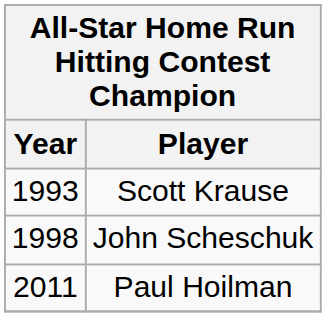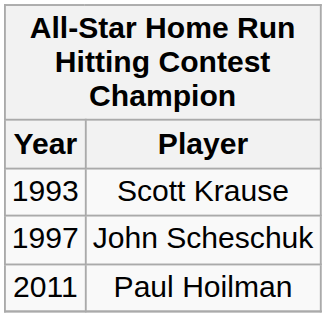 <table class="wikitable" style="display: inline-table; margin-right: 20px; text-align:center">
 <tr>
 <th scope="col" colspan="2" style="width: 145px;">All-Star Home Run Hitting Contest Champion</th>
 </tr>
 <tr>
 <th scope="col">Year</th>
 <th scope="col">Player</th>
 </tr>
 <tr>
 <td>1993</td>
 <td>Scott Krause</td>
 </tr>
 <tr>
-<td>1998</td>
+<td>1997</td>
 <td>John Scheschuk</td>
 </tr>
 <tr>
 <td>2011</td>
 <td>Paul Hoilman</td>
 </tr>
 <tr>
 </tr>
 </table>
